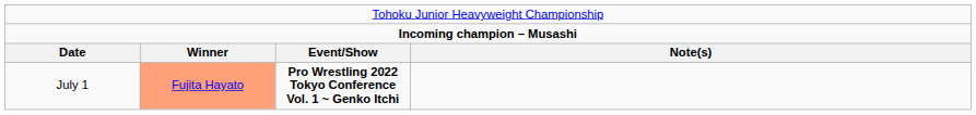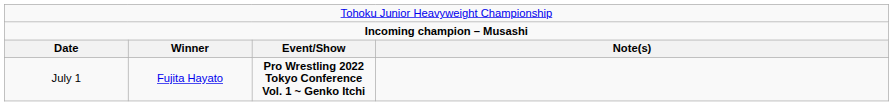 <table class="wikitable" style="text-align:center; width:100%;">
 <tr>
 <td colspan="4" style="text-align: center;"><a href='#'>Tohoku Junior Heavyweight Championship</a></td>
 </tr>
 <tr>
 <td colspan="4" style="text-align: center;"><strong>Incoming champion – Musashi</strong></td>
 </tr>
 <tr>
 <th width=14%>Date</th>
 <th width=14%>Winner</th>
 <th width=14%>Event/Show</th>
 <th width=58%>Note(s)</th>
 </tr>
 <tr>
 <td>July 1<br></td>
-<td style="background: lightsalmon;"><a href='#'>Fujita Hayato</a></td>
+<td><a href='#'>Fujita Hayato</a></td>
 <td><strong>Pro Wrestling 2022 Tokyo Conference Vol. 1 ~ Genko Itchi</strong></td>
 <td></td>
 </tr>
 </table>
